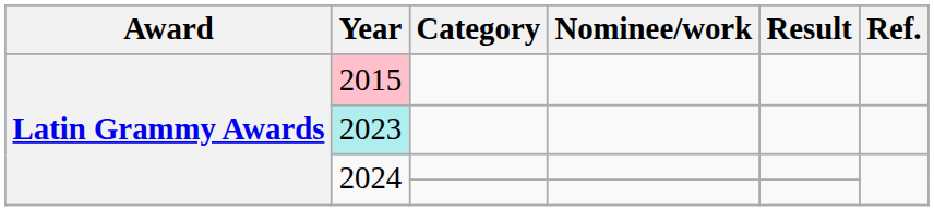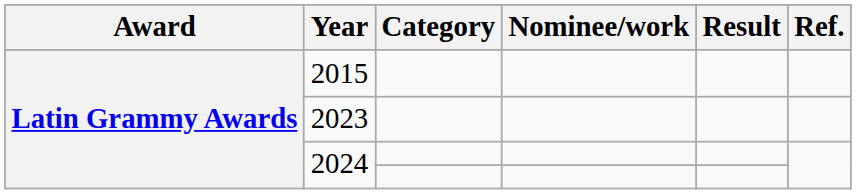 <table class="wikitable plainrowheaders">
 <tr>
 <th>Award</th>
 <th>Year</th>
 <th>Category</th>
 <th>Nominee/work</th>
 <th>Result</th>
 <th>Ref.</th>
 </tr>
 <tr>
 <th rowspan="4" scope="row"><a href='#'>Latin Grammy Awards</a></th>
-<td style="background: pink;">2015</td>
+<td>2015</td>
 <td></td>
 <td></td>
 <td></td>
 <td></td>
 </tr>
 <tr>
-<td style="background: paleturquoise;">2023</td>
+<td>2023</td>
 <td></td>
 <td></td>
 <td></td>
 <td></td>
 </tr>
 <tr>
 <td rowspan="2">2024</td>
 <td></td>
 <td></td>
 <td></td>
 <td rowspan="2"></td>
 </tr>
 <tr>
 <td></td>
 <td></td>
 <td></td>
 </tr>
 </table>
